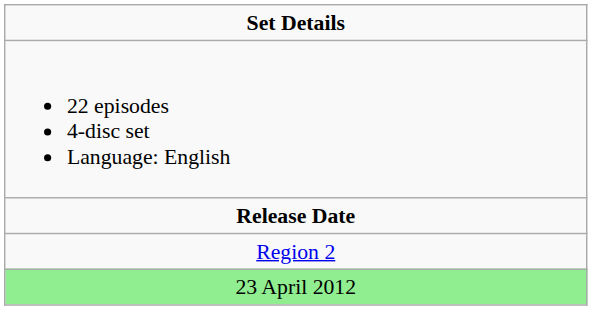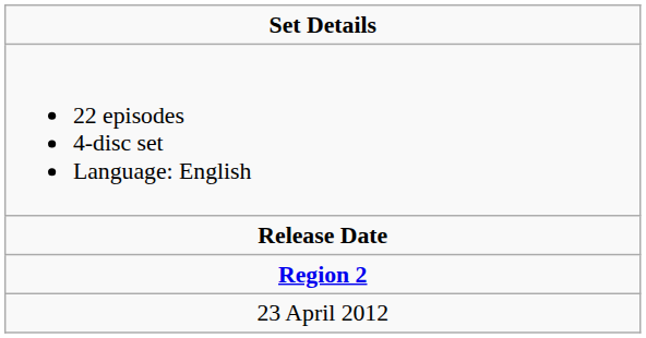 <table class="wikitable" style="font-size: 95%;">
 <tr valign="top">
 <td align="center" width="400" colspan="3"><strong>Set Details</strong></td>
 </tr>
 <tr valign="top">
 <td colspan="3" align="left" width="400"><br><ul><li>22 episodes</li><li>4-disc set</li><li>Language: English</li></ul></td>
 </tr>
 <tr>
 <td colspan="3" align="center"><strong>Release Date</strong></td>
 </tr>
 <tr>
-<td align="center"><a href='#'>Region 2</a></td>
+<td align="center"><strong><a href='#'>Region 2</a></strong></td>
 </tr>
 <tr>
-<td align="center" style="background: lightgreen;">23 April 2012</td>
+<td align="center">23 April 2012</td>
 </tr>
 </table>
